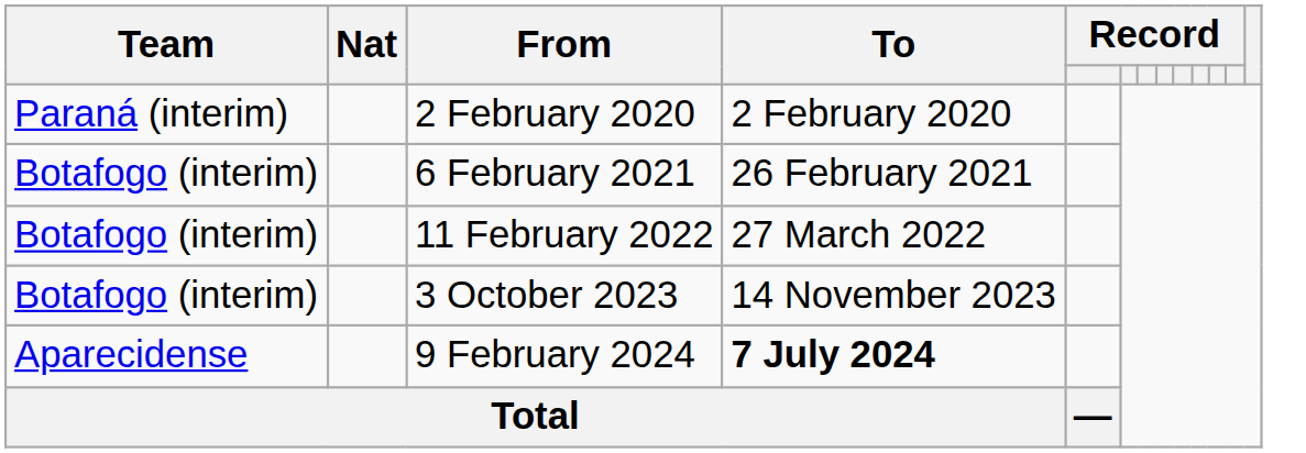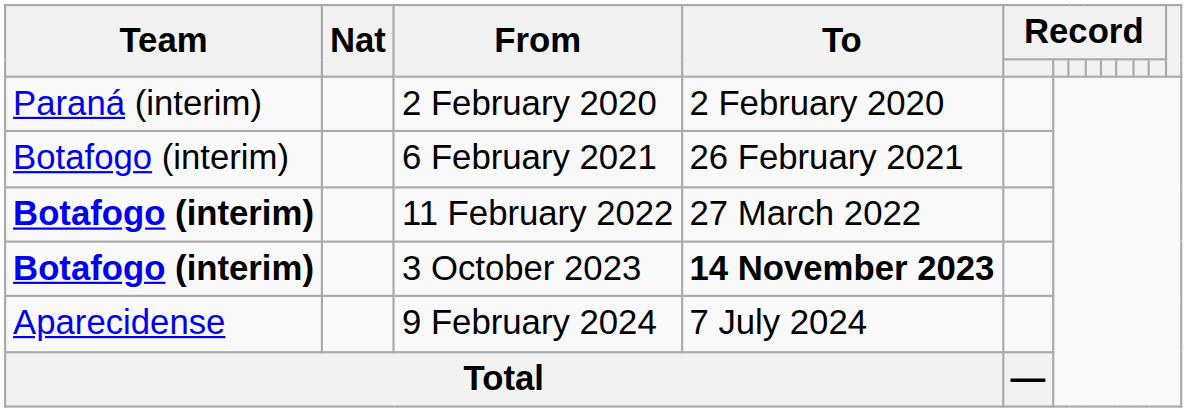 <table class="wikitable" style="text-align: center">
 <tr>
 <th rowspan="2">Team</th>
 <th rowspan="2">Nat</th>
 <th rowspan="2">From</th>
 <th rowspan="2">To</th>
 <th colspan="8">Record</th>
 <th rowspan=2></th>
 </tr>
 <tr>
 <th></th>
 <th></th>
 <th></th>
 <th></th>
 <th></th>
 <th></th>
 <th></th>
 <th></th>
 </tr>
 <tr>
 <td align=left><a href='#'>Paraná</a> (interim)</td>
 <td></td>
 <td align=left>2 February 2020</td>
 <td align=left>2 February 2020<br></td>
 <td></td>
 </tr>
 <tr>
 <td align=left><a href='#'>Botafogo</a> (interim)</td>
 <td></td>
 <td align=left>6 February 2021</td>
 <td align=left>26 February 2021<br></td>
 <td></td>
 </tr>
 <tr>
-<td align=left><a href='#'>Botafogo</a> (interim)</td>
+<td align=left><strong><a href='#'>Botafogo</a> (interim)</strong></td>
 <td></td>
 <td align=left>11 February 2022</td>
 <td align=left>27 March 2022<br></td>
 <td></td>
 </tr>
 <tr>
-<td align=left><a href='#'>Botafogo</a> (interim)</td>
+<td align=left><strong><a href='#'>Botafogo</a> (interim)</strong></td>
 <td></td>
 <td align=left>3 October 2023</td>
-<td align=left>14 November 2023<br></td>
+<td align=left><strong>14 November 2023<br></strong></td>
 <td></td>
 </tr>
 <tr>
 <td align=left><a href='#'>Aparecidense</a></td>
 <td></td>
 <td align=left>9 February 2024</td>
-<td align=left><strong>7 July 2024<br></strong></td>
+<td align=left>7 July 2024<br></td>
 <td></td>
 </tr>
 <tr>
 <th colspan="4">Total<br></th>
 <th>—</th>
 </tr>
 </table>
